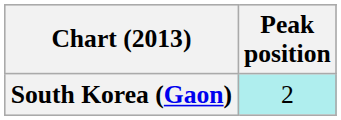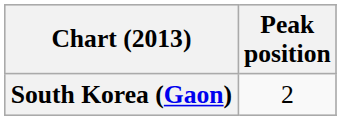 <table class="wikitable sortable plainrowheaders" style="text-align:center">
 <tr>
 <th scope="col">Chart (2013)</th>
 <th scope="col">Peak<br>position</th>
 </tr>
 <tr>
 <th scope="row">South Korea (<a href='#'>Gaon</a>)</th>
-<td style="background: paleturquoise;">2</td>
+<td>2</td>
 </tr>
 </table>
